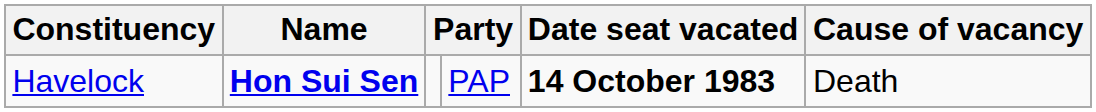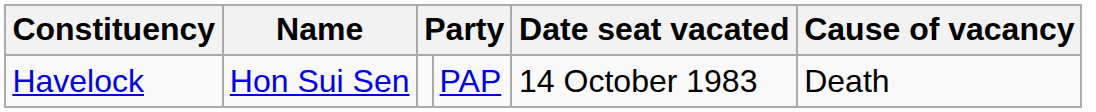 <table class="wikitable" border="1">
 <tr>
 <th>Constituency</th>
 <th>Name</th>
 <th colspan="2">Party</th>
 <th>Date seat vacated</th>
 <th>Cause of vacancy</th>
 </tr>
 <tr>
 <td><a href='#'>Havelock</a></td>
-<td><strong><a href='#'>Hon Sui Sen</a></strong></td>
+<td><a href='#'>Hon Sui Sen</a></td>
 <td></td>
 <td><a href='#'>PAP</a></td>
-<td><strong>14 October 1983</strong></td>
+<td>14 October 1983</td>
 <td>Death</td>
 </tr>
 </table>
